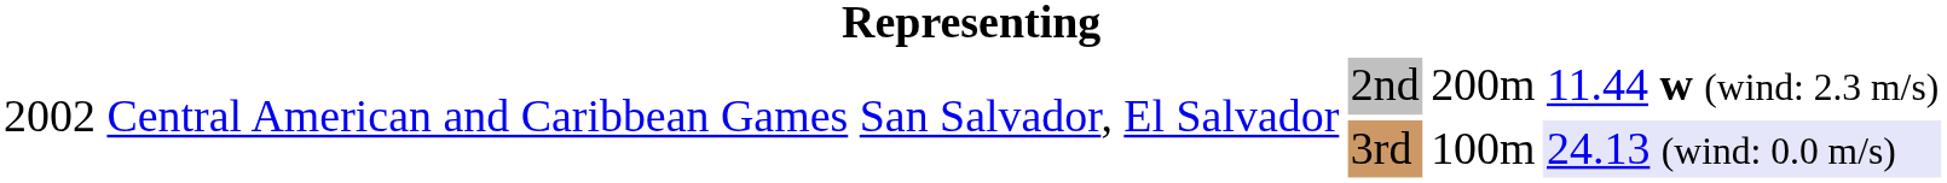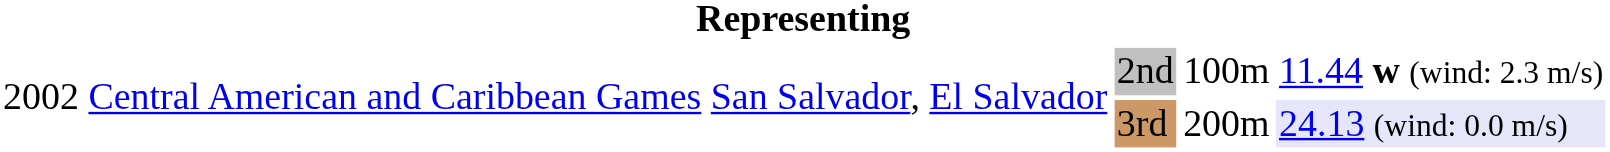 <table>
 <tr>
 <th colspan="6">Representing </th>
 </tr>
 <tr>
 <td rowspan=2>2002</td>
 <td rowspan=2><a href='#'>Central American and Caribbean Games</a></td>
 <td rowspan=2><a href='#'>San Salvador</a>, <a href='#'>El Salvador</a></td>
 <td bgcolor=silver>2nd</td>
-<td>200m</td>
+<td>100m</td>
 <td><a href='#'>11.44</a> <strong>w</strong> <small>(wind: 2.3 m/s)</small></td>
 </tr>
 <tr>
 <td bgcolor="cc9966">3rd</td>
-<td>100m</td>
+<td>200m</td>
 <td style="background: lavender;"><a href='#'>24.13</a> <small>(wind: 0.0 m/s)</small></td>
 </tr>
 </table>
